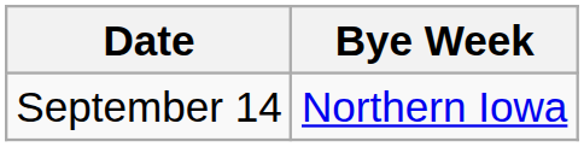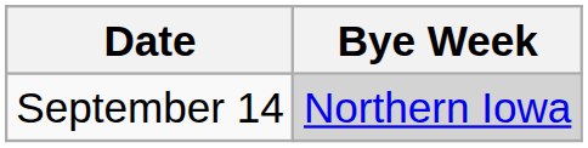 <table class="wikitable" style="font-size:95%;">
 <tr>
 <th>Date</th>
 <th>Bye Week</th>
 </tr>
 <tr>
 <td>September 14</td>
-<td><a href='#'>Northern Iowa</a></td>
+<td style="background: lightgrey;"><a href='#'>Northern Iowa</a></td>
 </tr>
 </table>
